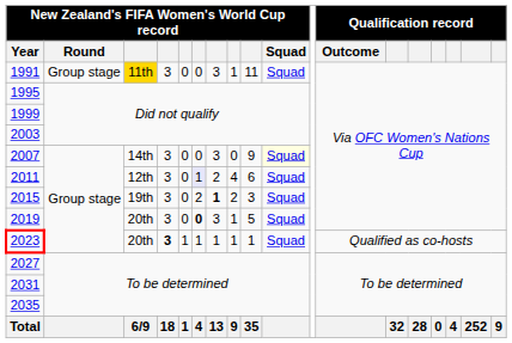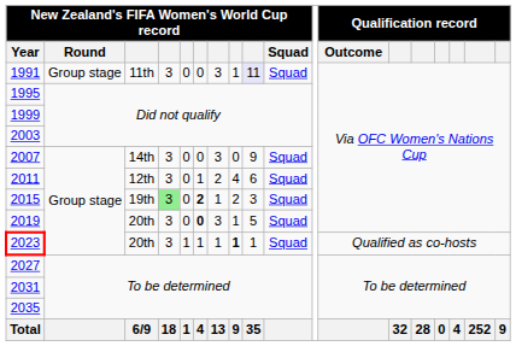 <table class="wikitable" style="text-align:center">
 <tr>
 <th style="color:white;background:black" colspan=10>New Zealand's FIFA Women's World Cup record</th>
 <th style="background:white" rowspan=15></th>
 <th style="color:white;background:black" colspan=7>Qualification record</th>
 </tr>
 <tr>
 <th scope="col">Year</th>
 <th scope="col">Round</th>
 <th scope="col"></th>
 <th scope="col"></th>
 <th scope="col"></th>
 <th scope="col"></th>
 <th scope="col"></th>
 <th scope="col"></th>
 <th scope="col"></th>
 <th scope="col">Squad</th>
 <th scope="col">Outcome</th>
 <th scope="col"></th>
 <th scope="col"></th>
 <th scope="col"></th>
 <th scope="col"></th>
 <th scope="col"></th>
 <th scope="col"></th>
 </tr>
 <tr>
 <td> <a href='#'>1991</a></td>
 <td>Group stage</td>
-<td style="background: gold;">11th</td>
+<td>11th</td>
 <td>3</td>
 <td>0</td>
 <td>0</td>
 <td>3</td>
 <td>1</td>
-<td>11</td>
+<td style="background: lavender;">11</td>
 <td><a href='#'>Squad</a></td>
 <td colspan=7 rowspan=8><em>Via <a href='#'>OFC Women's Nations Cup</a></em></td>
 </tr>
 <tr>
 <td> <a href='#'>1995</a></td>
 <td rowspan=3 colspan=9><em>Did not qualify</em></td>
 </tr>
 <tr>
 <td> <a href='#'>1999</a></td>
 </tr>
 <tr>
 <td> <a href='#'>2003</a></td>
 </tr>
 <tr>
 <td> <a href='#'>2007</a></td>
 <td rowspan=5>Group stage</td>
 <td>14th</td>
 <td>3</td>
 <td>0</td>
 <td>0</td>
 <td>3</td>
 <td>0</td>
 <td>9</td>
-<td style="background: lightyellow;"><a href='#'>Squad</a></td>
+<td><a href='#'>Squad</a></td>
 </tr>
 <tr>
 <td> <a href='#'>2011</a></td>
 <td>12th</td>
 <td>3</td>
 <td>0</td>
-<td style="background: lavender;">1</td>
+<td>1</td>
 <td>2</td>
 <td>4</td>
 <td>6</td>
 <td><a href='#'>Squad</a></td>
 </tr>
 <tr>
 <td> <a href='#'>2015</a></td>
 <td>19th</td>
-<td>3</td>
+<td style="background: lightgreen;">3</td>
 <td>0</td>
-<td>2</td>
-<td><strong>1</strong></td>
+<td><strong>2</strong></td>
+<td>1</td>
 <td>2</td>
 <td>3</td>
 <td><a href='#'>Squad</a></td>
 </tr>
 <tr>
 <td> <a href='#'>2019</a></td>
 <td>20th</td>
 <td>3</td>
 <td>0</td>
 <td><strong>0</strong></td>
 <td>3</td>
 <td>1</td>
 <td>5</td>
 <td><a href='#'>Squad</a></td>
 </tr>
 <tr>
 <td style="border: 3px solid red">  <a href='#'>2023</a></td>
 <td>20th</td>
-<td><strong>3</strong></td>
+<td>3</td>
 <td>1</td>
 <td>1</td>
 <td>1</td>
-<td>1</td>
+<td><strong>1</strong></td>
 <td>1</td>
 <td><a href='#'>Squad</a></td>
 <td colspan=7><em>Qualified as co-hosts</em></td>
 </tr>
 <tr>
 <td> <a href='#'>2027</a></td>
 <td colspan=9 rowspan=3><em>To be determined</em></td>
 <td colspan=7 rowspan=3><em>To be determined</em></td>
 </tr>
 <tr>
 <td>  <a href='#'>2031</a></td>
 </tr>
 <tr>
 <td> <a href='#'>2035</a></td>
 </tr>
 <tr>
 <th>Total</th>
 <th></th>
 <th>6/9</th>
 <th>18</th>
 <th>1</th>
 <th>4</th>
 <th>13</th>
 <th>9</th>
 <th>35</th>
 <th></th>
 <th></th>
 <th>32</th>
 <th>28</th>
 <th>0</th>
 <th>4</th>
 <th>252</th>
 <th>9</th>
 </tr>
 </table>
